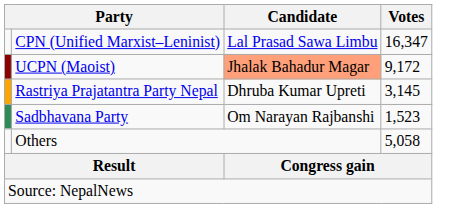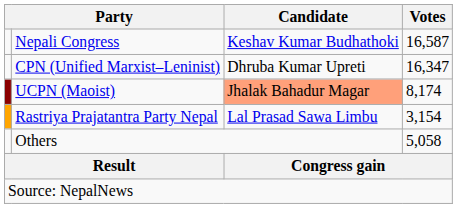 <table class="wikitable">
 <tr>
 <th colspan="2">Party</th>
 <th>Candidate</th>
 <th>Votes</th>
 </tr>
 <tr>
 <td style="background-color:"></td>
+<td><a href='#'>Nepali Congress</a></td>
+<td><a href='#'>Keshav Kumar Budhathoki</a></td>
+<td>16,587</td>
+</tr>
+<tr>
+<td style="background-color:"></td>
 <td><a href='#'>CPN (Unified Marxist–Leninist)</a></td>
-<td><a href='#'>Lal Prasad Sawa Limbu</a></td>
+<td>Dhruba Kumar Upreti</td>
 <td>16,347</td>
 </tr>
 <tr>
 <td style="background-color:darkred"></td>
 <td><a href='#'>UCPN (Maoist)</a></td>
 <td style="background: lightsalmon;">Jhalak Bahadur Magar</td>
-<td>9,172</td>
+<td>8,174</td>
 </tr>
 <tr>
 <td style="background-color:orange"></td>
 <td><a href='#'>Rastriya Prajatantra Party Nepal</a></td>
-<td>Dhruba Kumar Upreti</td>
-<td>3,145</td>
-</tr>
-<tr>
-<td style="background-color:seagreen"></td>
-<td><a href='#'>Sadbhavana Party</a></td>
-<td>Om Narayan Rajbanshi</td>
-<td>1,523</td>
+<td><a href='#'>Lal Prasad Sawa Limbu</a></td>
+<td>3,154</td>
 </tr>
 <tr>
 <td></td>
 <td colspan="2">Others</td>
 <td>5,058</td>
 </tr>
 <tr>
 <th colspan="2">Result</th>
 <th colspan="2">Congress gain</th>
 </tr>
 <tr>
 <td colspan="4">Source: NepalNews</td>
 </tr>
 </table>
